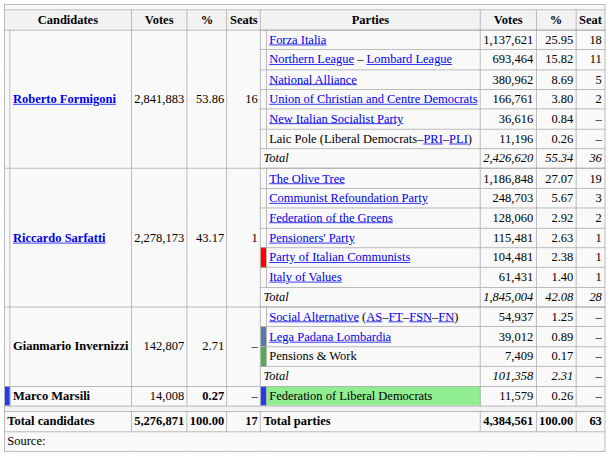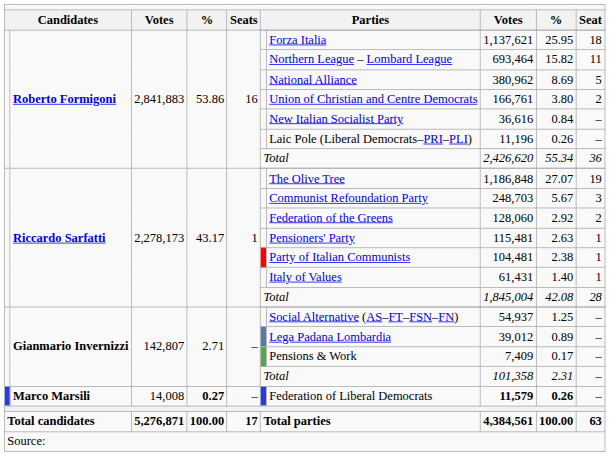 <table class="wikitable">
 <tr>
 <td colspan=10></td>
 </tr>
 <tr>
 <th colspan=2>Candidates</th>
 <th>Votes</th>
 <th>%</th>
 <th>Seats</th>
 <th colspan=2>Parties</th>
 <th>Votes</th>
 <th>%</th>
 <th>Seat</th>
 </tr>
 <tr>
 <td rowspan=8></td>
 <td rowspan=8><strong><a href='#'>Roberto Formigoni</a></strong></td>
 <td rowspan=8 align=right>2,841,883</td>
 <td rowspan=8 align=right>53.86</td>
 <td rowspan=8 align=right>16</td>
 </tr>
 <tr>
 <td></td>
 <td><a href='#'>Forza Italia</a></td>
 <td align=right>1,137,621</td>
 <td align=right>25.95</td>
 <td align=right>18</td>
 </tr>
 <tr>
 <td></td>
 <td><a href='#'>Northern League</a> – <a href='#'>Lombard League</a></td>
 <td align=right>693,464</td>
 <td align=right>15.82</td>
 <td align=right>11</td>
 </tr>
 <tr>
 <td></td>
 <td><a href='#'>National Alliance</a></td>
 <td align=right>380,962</td>
 <td align=right>8.69</td>
 <td align=right>5</td>
 </tr>
 <tr>
 <td></td>
 <td><a href='#'>Union of Christian and Centre Democrats</a></td>
 <td align=right>166,761</td>
 <td align=right>3.80</td>
 <td align=right>2</td>
 </tr>
 <tr>
 <td></td>
 <td><a href='#'>New Italian Socialist Party</a></td>
 <td align=right>36,616</td>
 <td align=right>0.84</td>
 <td align=right>–</td>
 </tr>
 <tr>
 <td></td>
 <td>Laic Pole (Liberal Democrats–<a href='#'>PRI</a>–<a href='#'>PLI</a>)</td>
 <td align=right>11,196</td>
 <td align=right>0.26</td>
 <td align=right>–</td>
 </tr>
 <tr>
 <td colspan=2><em>Total</em></td>
 <td align=right><em>2,426,620</em></td>
 <td align=right><em>55.34</em></td>
 <td align=right><em>36</em></td>
 </tr>
 <tr>
 <td rowspan=8></td>
 <td rowspan=8><strong><a href='#'>Riccardo Sarfatti</a></strong></td>
 <td rowspan=8 align=right>2,278,173</td>
 <td rowspan=8 align=right>43.17</td>
 <td rowspan=8 align=right>1</td>
 </tr>
 <tr>
 <td></td>
 <td><a href='#'>The Olive Tree</a></td>
 <td align=right>1,186,848</td>
 <td align=right>27.07</td>
 <td align=right>19</td>
 </tr>
 <tr>
 <td></td>
 <td><a href='#'>Communist Refoundation Party</a></td>
 <td align=right>248,703</td>
 <td align=right>5.67</td>
 <td align=right>3</td>
 </tr>
 <tr>
 <td></td>
 <td><a href='#'>Federation of the Greens</a></td>
 <td align=right>128,060</td>
 <td align=right>2.92</td>
 <td align=right>2</td>
 </tr>
 <tr>
 <td></td>
 <td><a href='#'>Pensioners' Party</a></td>
 <td align=right>115,481</td>
 <td align=right>2.63</td>
 <td align=right>1</td>
 </tr>
 <tr>
 <td bgcolor="red"></td>
 <td><a href='#'>Party of Italian Communists</a></td>
 <td align=right>104,481</td>
 <td align=right>2.38</td>
 <td align=right>1</td>
 </tr>
 <tr>
 <td></td>
 <td><a href='#'>Italy of Values</a></td>
 <td align=right>61,431</td>
 <td align=right>1.40</td>
 <td align=right>1</td>
 </tr>
 <tr>
 <td colspan=2><em>Total</em></td>
 <td align=right><em>1,845,004</em></td>
 <td align=right><em>42.08</em></td>
 <td align=right><em>28</em></td>
 </tr>
 <tr>
 <td rowspan=5></td>
 <td rowspan=5><strong>Gianmario Invernizzi</strong></td>
 <td rowspan=5 align=right>142,807</td>
 <td rowspan=5 align=right>2.71</td>
 <td rowspan=5 align=right>–</td>
 </tr>
 <tr>
 <td></td>
 <td><a href='#'>Social Alternative</a> (<a href='#'>AS</a>–<a href='#'>FT</a>–<a href='#'>FSN</a>–<a href='#'>FN</a>)</td>
 <td align=right>54,937</td>
 <td align=right>1.25</td>
 <td align=right>–</td>
 </tr>
 <tr>
 <td bgcolor="#567AA5"></td>
 <td><a href='#'>Lega Padana Lombardia</a></td>
 <td align=right>39,012</td>
 <td align=right>0.89</td>
 <td align=right>–</td>
 </tr>
 <tr>
 <td bgcolor="#53A853"></td>
 <td>Pensions & Work</td>
 <td align=right>7,409</td>
 <td align=right>0.17</td>
 <td align=right>–</td>
 </tr>
 <tr>
 <td colspan=2><em>Total</em></td>
 <td align=right><em>101,358</em></td>
 <td align=right><em>2.31</em></td>
 <td align=right><em>–</em></td>
 </tr>
 <tr>
 <td bgcolor="#273BE2"></td>
 <td><strong>Marco Marsili</strong></td>
 <td align=right>14,008</td>
 <td align=right><strong>0.27</strong></td>
 <td align=right>–</td>
 <td bgcolor="#273BE2"></td>
-<td style="background: lightgreen;">Federation of Liberal Democrats</td>
-<td align=right>11,579</td>
-<td align=right>0.26</td>
+<td>Federation of Liberal Democrats</td>
+<td align=right><strong>11,579</strong></td>
+<td align=right><strong>0.26</strong></td>
 <td align=right>–</td>
 </tr>
 <tr>
 <th colspan=10></th>
 </tr>
 <tr>
 <td colspan=2><strong>Total candidates</strong></td>
 <td align=right><strong>5,276,871</strong></td>
 <td align=right><strong>100.00</strong></td>
 <td align=right><strong>17</strong></td>
 <td colspan=2><strong>Total parties</strong></td>
 <td align=right><strong>4,384,561</strong></td>
 <td align=right><strong>100.00</strong></td>
 <td align=right><strong>63</strong></td>
 </tr>
 <tr>
 <td colspan=10>Source: </td>
 </tr>
 </table>
